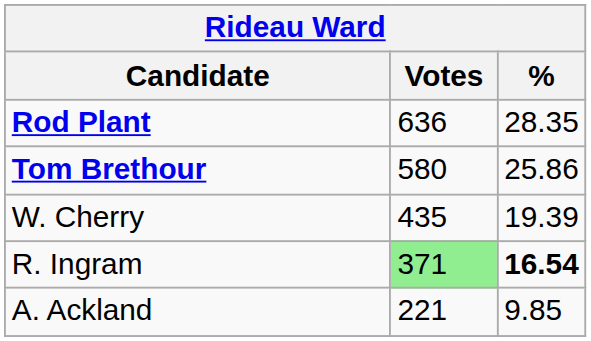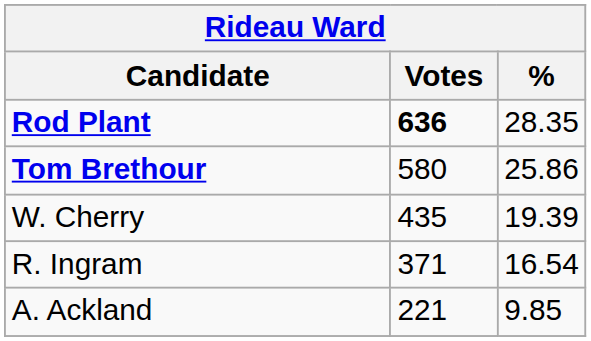 <table class="wikitable">
 <tr>
 <th colspan="3"><a href='#'>Rideau Ward</a></th>
 </tr>
 <tr>
 <th style="width: 200px">Candidate</th>
 <th style="width: 50px">Votes</th>
 <th style="width: 40px">%</th>
 </tr>
 <tr>
 <td><strong><a href='#'>Rod Plant</a></strong></td>
-<td>636</td>
+<td><strong>636</strong></td>
 <td>28.35</td>
 </tr>
 <tr>
 <td><strong><a href='#'>Tom Brethour</a></strong></td>
 <td>580</td>
 <td>25.86</td>
 </tr>
 <tr>
 <td>W. Cherry</td>
 <td>435</td>
 <td>19.39</td>
 </tr>
 <tr>
 <td>R. Ingram</td>
-<td style="background: lightgreen;">371</td>
-<td><strong>16.54</strong></td>
+<td>371</td>
+<td>16.54</td>
 </tr>
 <tr>
 <td>A. Ackland</td>
 <td>221</td>
 <td>9.85</td>
 </tr>
 </table>
